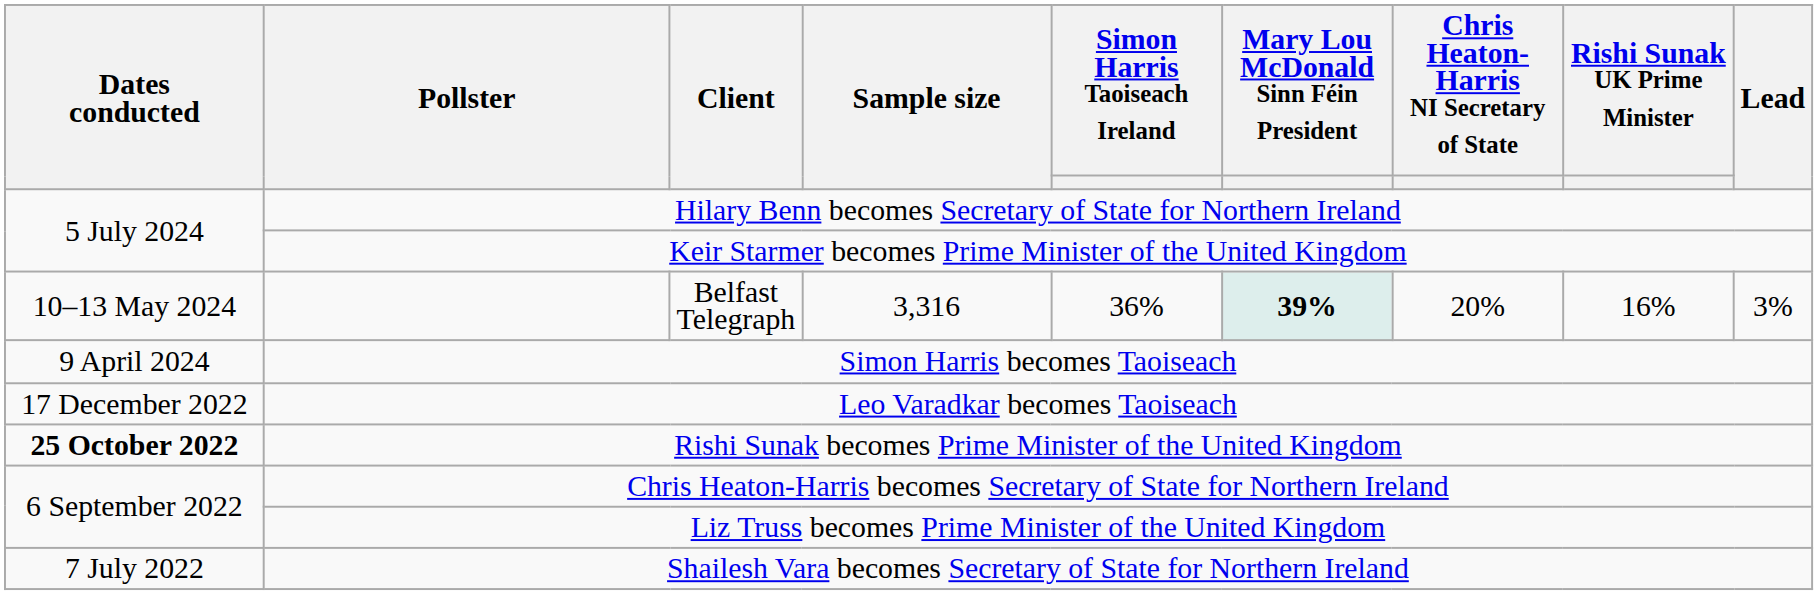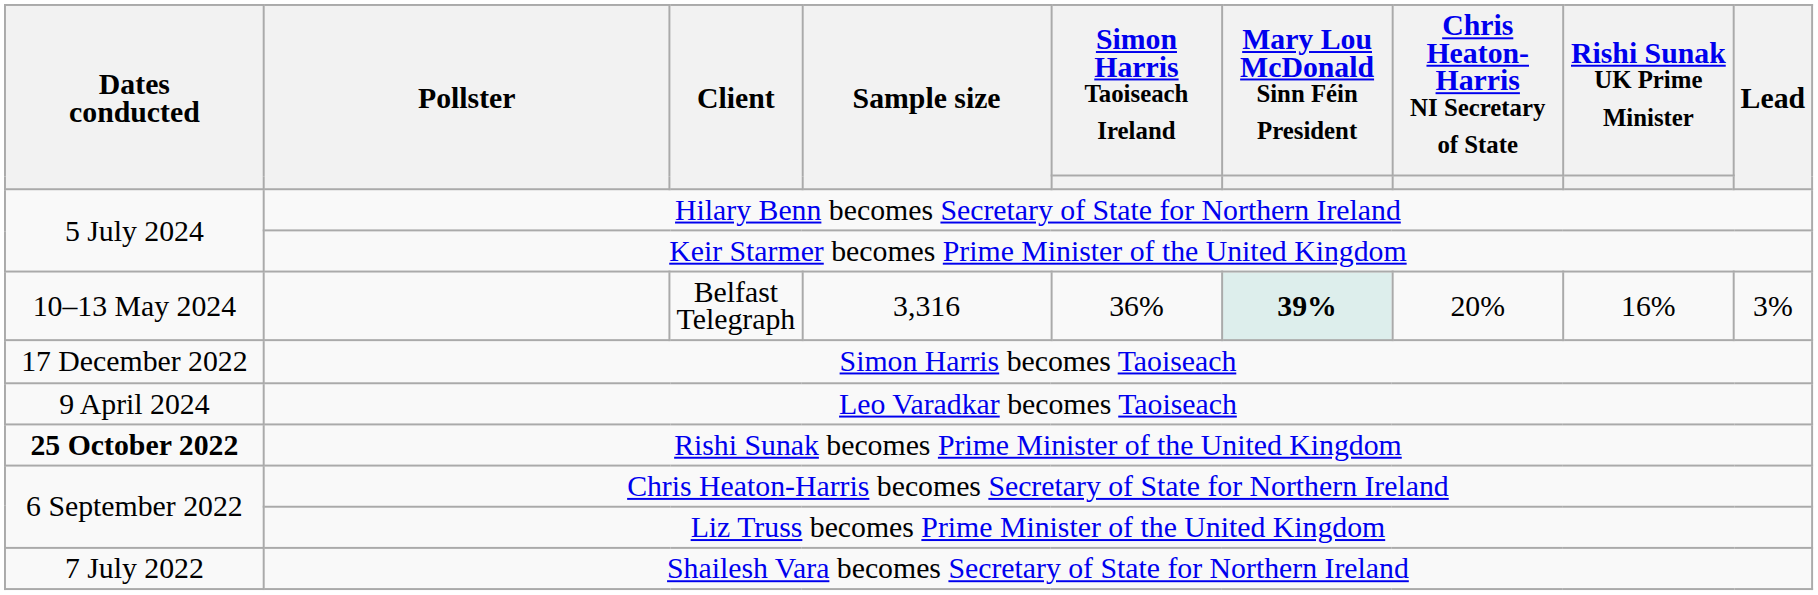 <table class="wikitable collapsible sortable mw-datatable" style="text-align:center;font-size:95%;line-height:14px;">
 <tr>
 <th style="width:125px;" rowspan="2">Dates<br>conducted</th>
 <th style="width:200px;" rowspan="2">Pollster</th>
 <th style="width:60px;" rowspan="2">Client</th>
 <th style="width:120px;" rowspan="2">Sample size</th>
 <th class="unsortable" style="width:80px;"><a href='#'>Simon Harris</a> <br> <sup>Taoiseach Ireland</sup></th>
 <th class="unsortable" style="width: 80px;"><a href='#'>Mary Lou McDonald</a> <br> <sup>Sinn Féin President</sup></th>
 <th class="unsortable" style="width:80px;"><a href='#'>Chris Heaton-Harris</a><br> <sup>NI Secretary of State</sup></th>
 <th class="unsortable" style="width:80px;"><a href='#'>Rishi Sunak</a><br> <sup>UK Prime Minister</sup></th>
 <th rowspan="2">Lead</th>
 </tr>
 <tr>
 <th data-sort-type="number" style="background:"></th>
 <th data-sort-type="number" style="background:"></th>
 <th data-sort-type="number" style="background:"></th>
 <th data-sort-type="number" style="background:"></th>
 </tr>
 <tr>
 <td rowspan="2">5 July 2024</td>
 <td colspan="8"><a href='#'>Hilary Benn</a> becomes <a href='#'>Secretary of State for Northern Ireland</a></td>
 </tr>
 <tr>
 <td colspan="8"><a href='#'>Keir Starmer</a> becomes <a href='#'>Prime Minister of the United Kingdom</a></td>
 </tr>
 <tr>
 <td>10–13 May 2024</td>
 <td></td>
 <td>Belfast Telegraph</td>
 <td>3,316</td>
 <td>36%</td>
 <td style="background:#DDEEEC;"><strong>39%</strong></td>
 <td>20%</td>
 <td>16%</td>
 <td style="background:">3%</td>
 </tr>
 <tr>
-<td>9 April 2024</td>
+<td>17 December 2022</td>
 <td colspan="8"><a href='#'>Simon Harris</a> becomes <a href='#'>Taoiseach</a></td>
 </tr>
 <tr>
-<td>17 December 2022</td>
+<td>9 April 2024</td>
 <td colspan="8"><a href='#'>Leo Varadkar</a> becomes <a href='#'>Taoiseach</a></td>
 </tr>
 <tr>
 <td><strong>25 October 2022</strong></td>
 <td colspan="8"><a href='#'>Rishi Sunak</a> becomes <a href='#'>Prime Minister of the United Kingdom</a></td>
 </tr>
 <tr>
 <td rowspan="2">6 September 2022</td>
 <td colspan="8"><a href='#'>Chris Heaton-Harris</a> becomes <a href='#'>Secretary of State for Northern Ireland</a></td>
 </tr>
 <tr>
 <td colspan="8"><a href='#'>Liz Truss</a> becomes <a href='#'>Prime Minister of the United Kingdom</a></td>
 </tr>
 <tr>
 <td>7 July 2022</td>
 <td colspan="8"><a href='#'>Shailesh Vara</a> becomes <a href='#'>Secretary of State for Northern Ireland</a></td>
 </tr>
 </table>
